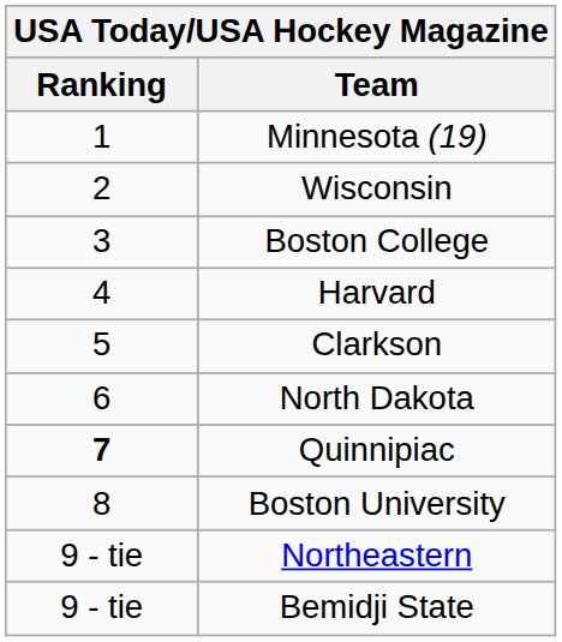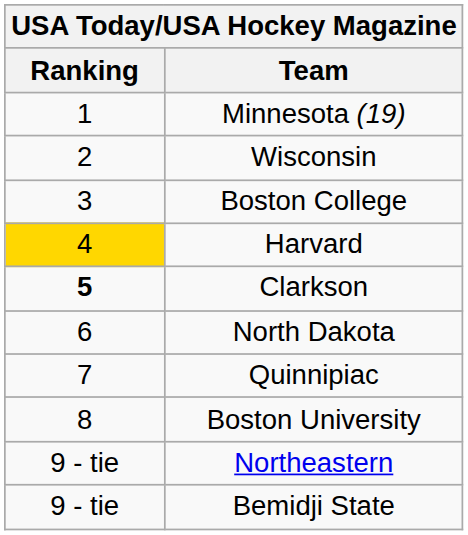 <table class="wikitable" style="text-align:center;">
 <tr>
 <th colspan=2><strong>USA Today/USA Hockey Magazine</strong></th>
 </tr>
 <tr>
 <th>Ranking</th>
 <th>Team</th>
 </tr>
 <tr>
 <td>1</td>
 <td>Minnesota <em>(19)</em></td>
 </tr>
 <tr>
 <td>2</td>
 <td>Wisconsin</td>
 </tr>
 <tr>
 <td>3</td>
 <td>Boston College</td>
 </tr>
 <tr>
-<td>4</td>
+<td style="background: gold;">4</td>
 <td>Harvard</td>
 </tr>
 <tr>
-<td>5</td>
+<td><strong>5</strong></td>
 <td>Clarkson</td>
 </tr>
 <tr>
 <td>6</td>
 <td>North Dakota</td>
 </tr>
 <tr>
-<td><strong>7</strong></td>
+<td>7</td>
 <td>Quinnipiac</td>
 </tr>
 <tr>
 <td>8</td>
 <td>Boston University</td>
 </tr>
 <tr>
 <td>9 - tie</td>
 <td><a href='#'>Northeastern</a></td>
 </tr>
 <tr>
 <td>9 - tie</td>
 <td>Bemidji State</td>
 </tr>
 </table>
